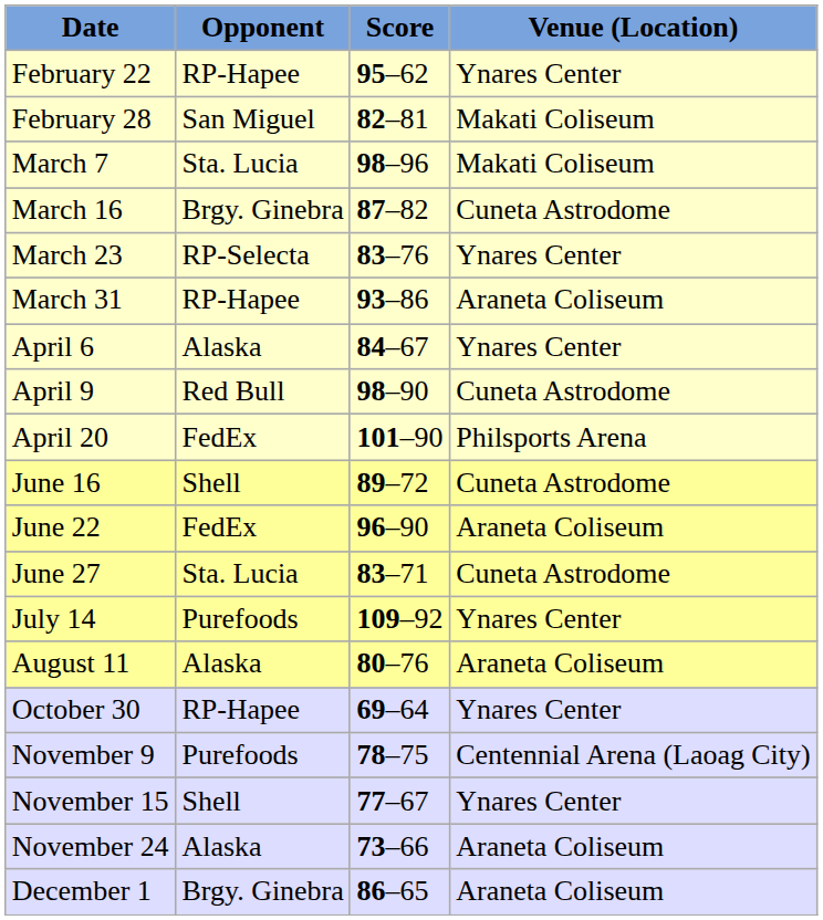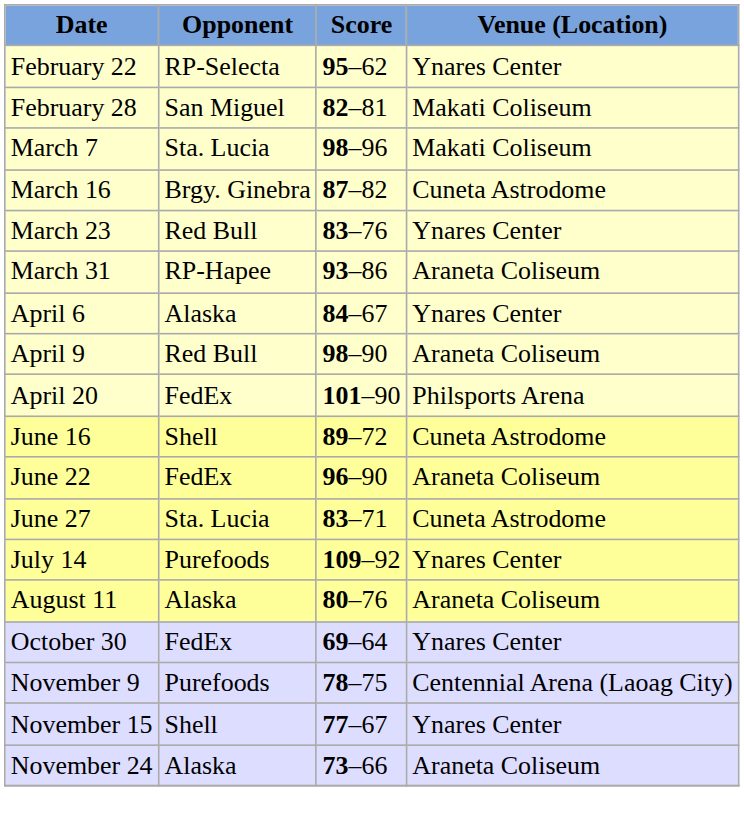 <table class="wikitable sortable sortable">
 <tr>
 <th style="background:#79A3DD; color:#000000; ">Date</th>
 <th style="background:#79A3DD; color:#000000; ">Opponent</th>
 <th style="background:#79A3DD; color:#000000; ">Score</th>
 <th style="background:#79A3DD; color:#000000; ">Venue (Location)</th>
 </tr>
 <tr bgcolor=#FFFFCC>
 <td>February 22</td>
-<td>RP-Hapee</td>
+<td>RP-Selecta</td>
 <td><strong>95</strong>–62</td>
 <td>Ynares Center</td>
 </tr>
 <tr bgcolor=#FFFFCC>
 <td>February 28</td>
 <td>San Miguel</td>
 <td><strong>82</strong>–81</td>
 <td>Makati Coliseum</td>
 </tr>
 <tr bgcolor=#FFFFCC>
 <td>March 7</td>
 <td>Sta. Lucia</td>
 <td><strong>98</strong>–96</td>
 <td>Makati Coliseum</td>
 </tr>
 <tr bgcolor=#FFFFCC>
 <td>March 16</td>
 <td>Brgy. Ginebra</td>
 <td><strong>87</strong>–82</td>
 <td>Cuneta Astrodome</td>
 </tr>
 <tr bgcolor=#FFFFCC>
 <td>March 23</td>
-<td>RP-Selecta</td>
+<td>Red Bull</td>
 <td><strong>83</strong>–76</td>
 <td>Ynares Center</td>
 </tr>
 <tr bgcolor=#FFFFCC>
 <td>March 31</td>
 <td>RP-Hapee</td>
 <td><strong>93</strong>–86</td>
 <td>Araneta Coliseum </td>
 </tr>
 <tr bgcolor=#FFFFCC>
 <td>April 6</td>
 <td>Alaska</td>
 <td><strong>84</strong>–67</td>
 <td>Ynares Center</td>
 </tr>
 <tr bgcolor=#FFFFCC>
 <td>April 9</td>
 <td>Red Bull</td>
 <td><strong>98</strong>–90</td>
-<td>Cuneta Astrodome</td>
+<td>Araneta Coliseum </td>
 </tr>
 <tr bgcolor=#FFFFCC>
 <td>April 20</td>
 <td>FedEx</td>
 <td><strong>101</strong>–90</td>
 <td>Philsports Arena</td>
 </tr>
 <tr bgcolor=#FFFF99>
 <td>June 16</td>
 <td>Shell</td>
 <td><strong>89</strong>–72</td>
 <td>Cuneta Astrodome</td>
 </tr>
 <tr bgcolor=#FFFF99>
 <td>June 22</td>
 <td>FedEx</td>
 <td><strong>96</strong>–90</td>
 <td>Araneta Coliseum </td>
 </tr>
 <tr bgcolor=#FFFF99>
 <td>June 27</td>
 <td>Sta. Lucia</td>
 <td><strong>83</strong>–71</td>
 <td>Cuneta Astrodome</td>
 </tr>
 <tr bgcolor=#FFFF99>
 <td>July 14</td>
 <td>Purefoods</td>
 <td><strong>109</strong>–92</td>
 <td>Ynares Center</td>
 </tr>
 <tr bgcolor=#FFFF99>
 <td>August 11</td>
 <td>Alaska</td>
 <td><strong>80</strong>–76</td>
 <td>Araneta Coliseum</td>
 </tr>
 <tr bgcolor=#DDDDFF>
 <td>October 30</td>
-<td>RP-Hapee</td>
+<td>FedEx</td>
 <td><strong>69</strong>–64</td>
 <td>Ynares Center</td>
 </tr>
 <tr bgcolor=#DDDDFF>
 <td>November 9</td>
 <td>Purefoods</td>
 <td><strong>78</strong>–75</td>
 <td>Centennial Arena (Laoag City)</td>
 </tr>
 <tr bgcolor=#DDDDFF>
 <td>November 15</td>
 <td>Shell</td>
 <td><strong>77</strong>–67</td>
 <td>Ynares Center</td>
 </tr>
 <tr bgcolor=#DDDDFF>
 <td>November 24</td>
 <td>Alaska</td>
 <td><strong>73</strong>–66</td>
 <td>Araneta Coliseum</td>
 </tr>
-<tr bgcolor=#DDDDFF>
-<td>December 1</td>
-<td>Brgy. Ginebra</td>
-<td><strong>86</strong>–65</td>
-<td>Araneta Coliseum </td>
-</tr>
 <tr>
 </tr>
 </table>
